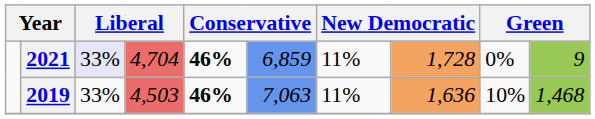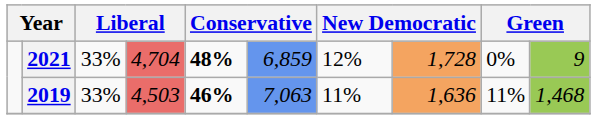 <table class="wikitable" style="float:right; width:400; font-size:90%; margin-left:1em;">
 <tr>
 <th colspan="2" scope="col">Year</th>
 <th colspan="2" scope="col"><a href='#'>Liberal</a></th>
 <th colspan="2" scope="col"><a href='#'>Conservative</a></th>
 <th colspan="2" scope="col"><a href='#'>New Democratic</a></th>
 <th colspan="2" scope="col"><a href='#'>Green</a></th>
 </tr>
 <tr>
 <td rowspan="2" style="width: 0.25em; background-color: "></td>
 <th><a href='#'>2021</a></th>
-<td style="background: lavender;">33%</td>
+<td>33%</td>
 <td style="text-align:right; background:#EA6D6A;"><em>4,704</em></td>
-<td><strong>46%</strong></td>
+<td><strong>48%</strong></td>
 <td style="text-align:right; background:#6495ED;"><em>6,859</em></td>
-<td>11%</td>
+<td>12%</td>
 <td style="text-align:right; background:#F4A460;"><em>1,728</em></td>
 <td>0%</td>
 <td style="text-align:right; background:#99C955;"><em>9</em></td>
 </tr>
 <tr>
 <th><a href='#'>2019</a></th>
 <td>33%</td>
 <td style="text-align:right; background:#EA6D6A;"><em>4,503</em></td>
 <td><strong>46%</strong></td>
 <td style="text-align:right; background:#6495ED;"><em>7,063</em></td>
 <td>11%</td>
 <td style="text-align:right; background:#F4A460;"><em>1,636</em></td>
-<td>10%</td>
+<td>11%</td>
 <td style="text-align:right; background:#99C955;"><em>1,468</em></td>
 </tr>
 <tr>
 </tr>
 </table>
